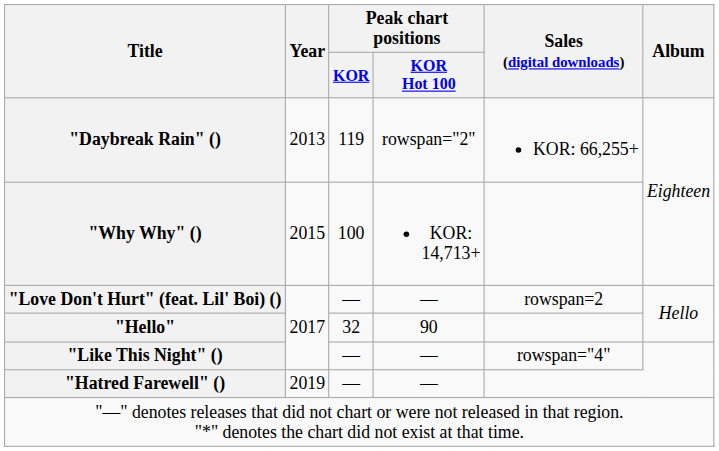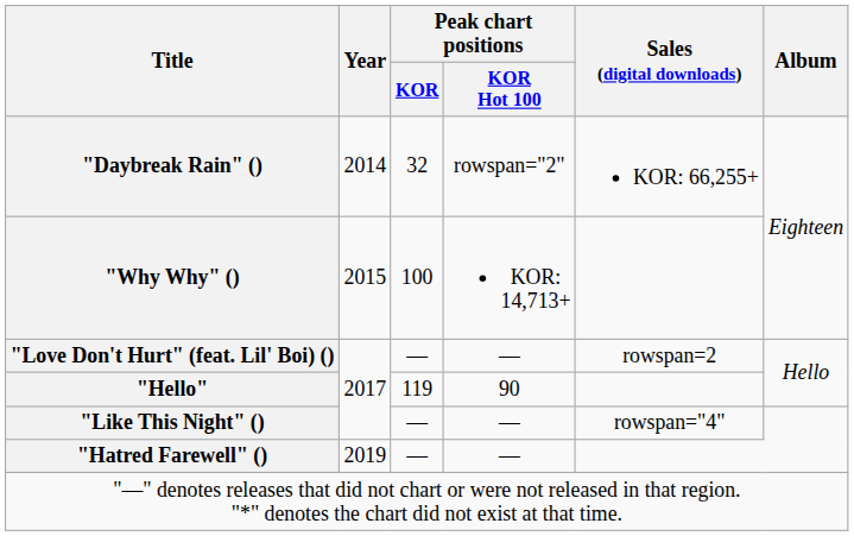 <table class="wikitable plainrowheaders" style="text-align:center">
 <tr>
 <th scope="col" rowspan="2">Title</th>
 <th scope="col" rowspan="2">Year</th>
 <th scope="col" colspan="2">Peak chart positions</th>
 <th scope="col" rowspan="2">Sales<br><small>(<a href='#'>digital downloads</a>)</small></th>
 <th scope="col" rowspan="2">Album</th>
 </tr>
 <tr>
 <th scope="col" style="width:30px; font-size:90%;"><a href='#'>KOR</a><br></th>
 <th scope="col" style="width:30px; font-size:90%;"><a href='#'>KOR<br>Hot 100</a></th>
 </tr>
 <tr>
 <th scope="row">"Daybreak Rain" ()</th>
-<td>2013</td>
-<td>119</td>
+<td>2014</td>
+<td>32</td>
 <td>rowspan="2" </td>
 <td><br><ul><li>KOR: 66,255+ </li></ul></td>
 <td rowspan=2><em>Eighteen</em></td>
 </tr>
 <tr>
 <th scope="row">"Why Why" ()</th>
 <td>2015</td>
 <td>100</td>
 <td><br><ul><li>KOR: 14,713+ </li></ul></td>
 </tr>
 <tr>
 <th scope="row">"Love Don't Hurt" (feat. Lil' Boi) ()</th>
 <td rowspan="3">2017</td>
 <td>—</td>
 <td>—</td>
 <td>rowspan=2 </td>
 <td rowspan=2><em>Hello</em></td>
 </tr>
 <tr>
 <th scope="row">"Hello"</th>
-<td>32</td>
+<td>119</td>
 <td>90</td>
 </tr>
 <tr>
 <th scope="row">"Like This Night" ()</th>
 <td>—</td>
 <td>—</td>
 <td>rowspan="4" </td>
 </tr>
 <tr>
 <th scope="row">"Hatred Farewell" ()</th>
 <td>2019</td>
 <td>—</td>
 <td>—</td>
 </tr>
 <tr>
 <td colspan="6">"—" denotes releases that did not chart or were not released in that region.<br>"*" denotes the chart did not exist at that time.</td>
 </tr>
 </table>
